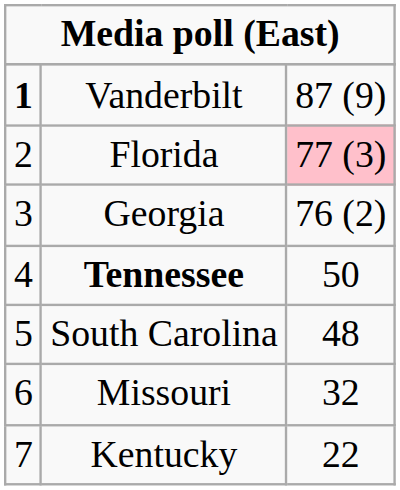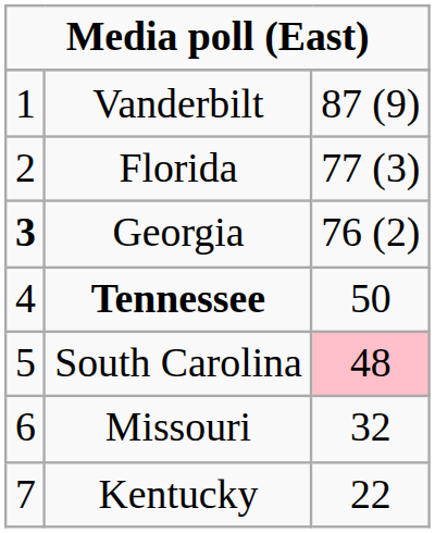 <table class="wikitable">
 <tr align="center">
 <td align="center" Colspan="3"><strong>Media poll (East)</strong></td>
 </tr>
 <tr align="center">
 </tr>
 <tr align="center">
-<td><strong>1</strong></td>
+<td>1</td>
 <td>Vanderbilt</td>
 <td>87 (9)</td>
 </tr>
 <tr align="center">
 <td>2</td>
 <td>Florida</td>
-<td style="background: pink;">77 (3)</td>
+<td>77 (3)</td>
 </tr>
 <tr align="center">
-<td>3</td>
+<td><strong>3</strong></td>
 <td>Georgia</td>
 <td>76 (2)</td>
 </tr>
 <tr align="center">
 <td>4</td>
 <td><strong>Tennessee</strong></td>
 <td>50</td>
 </tr>
 <tr align="center">
 <td>5</td>
 <td>South Carolina</td>
-<td>48</td>
+<td style="background: pink;">48</td>
 </tr>
 <tr align="center">
 <td>6</td>
 <td>Missouri</td>
 <td>32</td>
 </tr>
 <tr align="center">
 <td>7</td>
 <td>Kentucky</td>
 <td>22</td>
 </tr>
 </table>
